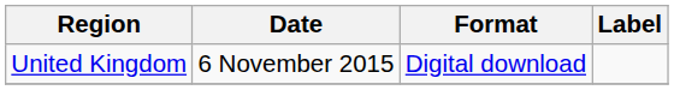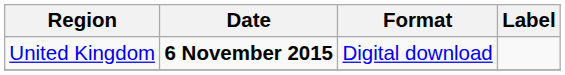 <table class=wikitable>
 <tr>
 <th>Region</th>
 <th>Date</th>
 <th>Format</th>
 <th>Label</th>
 </tr>
 <tr>
 <td><a href='#'>United Kingdom</a></td>
-<td>6 November 2015</td>
+<td><strong>6 November 2015</strong></td>
 <td><a href='#'>Digital download</a></td>
 <td></td>
 </tr>
 <tr>
 </tr>
 </table>
